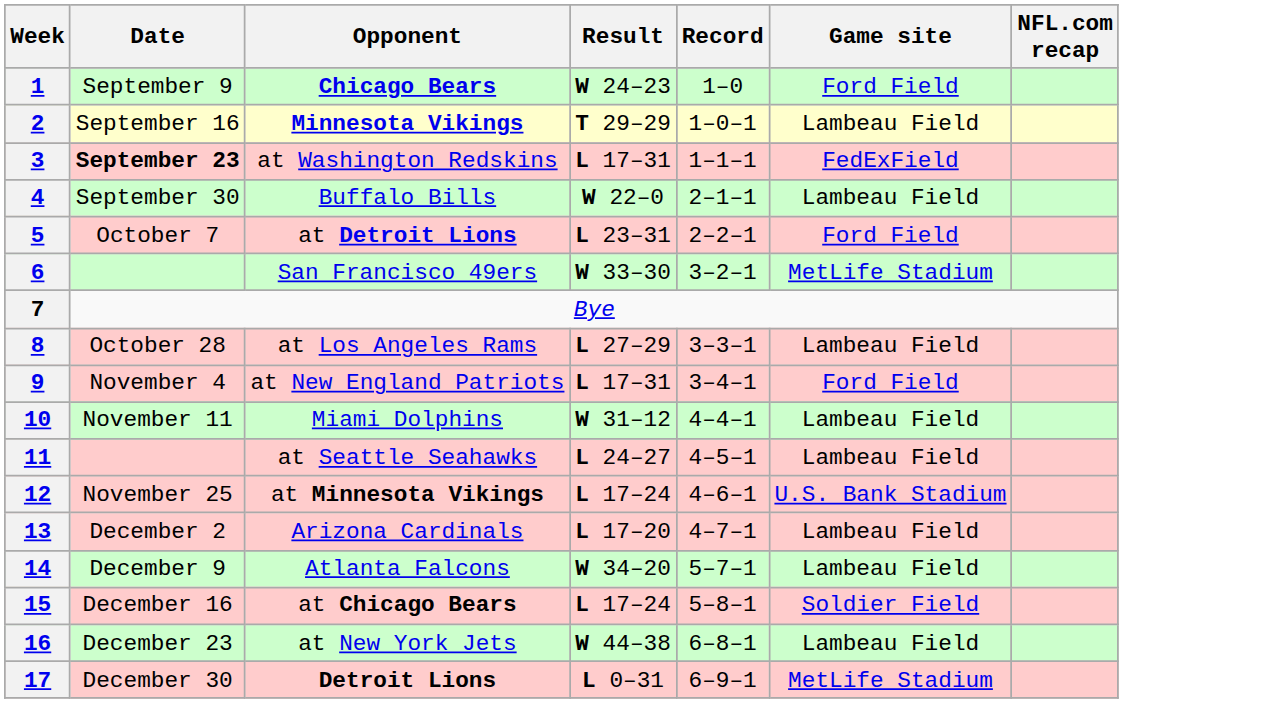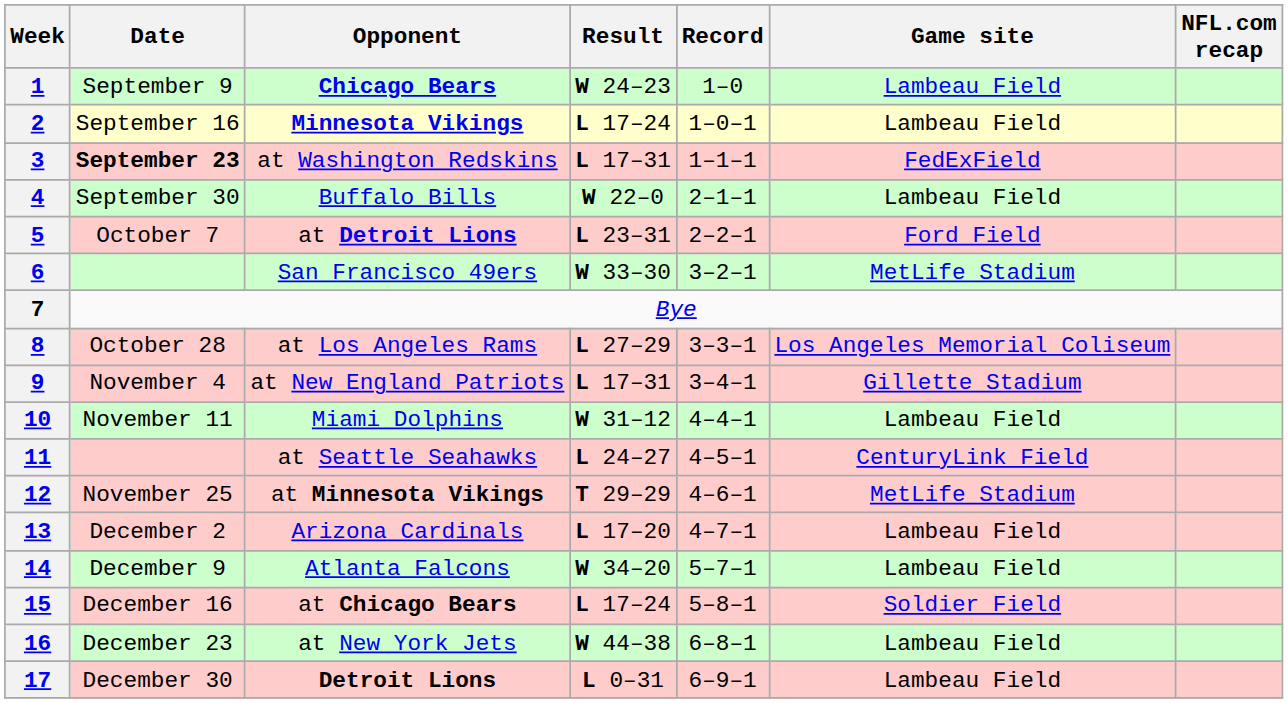 <table class="wikitable" style="text-align:center">
 <tr>
 <th>Week</th>
 <th>Date</th>
 <th>Opponent</th>
 <th>Result</th>
 <th>Record</th>
 <th>Game site</th>
 <th>NFL.com<br>recap</th>
 </tr>
 <tr bgcolor=ccffcc>
 <th><a href='#'>1</a></th>
 <td>September 9</td>
 <td><a href='#'><strong>Chicago Bears</strong></a></td>
 <td><strong>W</strong> 24–23</td>
 <td>1–0</td>
-<td><a href='#'>Ford Field</a></td>
+<td><a href='#'>Lambeau Field</a></td>
 <td></td>
 </tr>
 <tr bgcolor=ffffcc>
 <th><a href='#'>2</a></th>
 <td>September 16</td>
 <td><a href='#'><strong>Minnesota Vikings</strong></a></td>
-<td><strong>T</strong> 29–29 </td>
+<td><strong>L</strong> 17–24</td>
 <td>1–0–1</td>
 <td>Lambeau Field</td>
 <td></td>
 </tr>
 <tr bgcolor=ffcccc>
 <th><a href='#'>3</a></th>
 <td><strong>September 23</strong></td>
 <td>at <a href='#'>Washington Redskins</a></td>
 <td><strong>L</strong> 17–31</td>
 <td>1–1–1</td>
 <td><a href='#'>FedExField</a></td>
 <td></td>
 </tr>
 <tr bgcolor=ccffcc>
 <th><a href='#'>4</a></th>
 <td>September 30</td>
 <td><a href='#'>Buffalo Bills</a></td>
 <td><strong>W</strong> 22–0</td>
 <td>2–1–1</td>
 <td>Lambeau Field</td>
 <td></td>
 </tr>
 <tr bgcolor=ffcccc>
 <th><a href='#'>5</a></th>
 <td>October 7</td>
 <td>at <a href='#'><strong>Detroit Lions</strong></a></td>
 <td><strong>L</strong> 23–31</td>
 <td>2–2–1</td>
 <td><a href='#'>Ford Field</a></td>
 <td></td>
 </tr>
 <tr bgcolor=ccffcc>
 <th><a href='#'>6</a></th>
 <td></td>
 <td><a href='#'>San Francisco 49ers</a></td>
 <td><strong>W</strong> 33–30</td>
 <td>3–2–1</td>
 <td><a href='#'>MetLife Stadium</a></td>
 <td></td>
 </tr>
 <tr>
 <th>7</th>
 <td colspan=6><em><a href='#'>Bye</a></em></td>
 </tr>
 <tr bgcolor=ffcccc>
 <th><a href='#'>8</a></th>
 <td>October 28</td>
 <td>at <a href='#'>Los Angeles Rams</a></td>
 <td><strong>L</strong> 27–29</td>
 <td>3–3–1</td>
-<td>Lambeau Field</td>
+<td><a href='#'>Los Angeles Memorial Coliseum</a></td>
 <td></td>
 </tr>
 <tr bgcolor=ffcccc>
 <th><a href='#'>9</a></th>
 <td>November 4</td>
 <td>at <a href='#'>New England Patriots</a></td>
 <td><strong>L</strong> 17–31</td>
 <td>3–4–1</td>
-<td><a href='#'>Ford Field</a></td>
+<td><a href='#'>Gillette Stadium</a></td>
 <td></td>
 </tr>
 <tr bgcolor=ccffcc>
 <th><a href='#'>10</a></th>
 <td>November 11</td>
 <td><a href='#'>Miami Dolphins</a></td>
 <td><strong>W</strong> 31–12</td>
 <td>4–4–1</td>
 <td>Lambeau Field</td>
 <td></td>
 </tr>
 <tr bgcolor=ffcccc>
 <th><a href='#'>11</a></th>
 <td></td>
 <td>at <a href='#'>Seattle Seahawks</a></td>
 <td><strong>L</strong> 24–27</td>
 <td>4–5–1</td>
-<td>Lambeau Field</td>
+<td><a href='#'>CenturyLink Field</a></td>
 <td></td>
 </tr>
 <tr bgcolor=ffcccc>
 <th><a href='#'>12</a></th>
 <td>November 25</td>
 <td>at <strong>Minnesota Vikings</strong></td>
-<td><strong>L</strong> 17–24</td>
+<td><strong>T</strong> 29–29 </td>
 <td>4–6–1</td>
-<td><a href='#'>U.S. Bank Stadium</a></td>
+<td><a href='#'>MetLife Stadium</a></td>
 <td></td>
 </tr>
 <tr bgcolor=ffcccc>
 <th><a href='#'>13</a></th>
 <td>December 2</td>
 <td><a href='#'>Arizona Cardinals</a></td>
 <td><strong>L</strong> 17–20</td>
 <td>4–7–1</td>
 <td>Lambeau Field</td>
 <td></td>
 </tr>
 <tr bgcolor=ccffcc>
 <th><a href='#'>14</a></th>
 <td>December 9</td>
 <td><a href='#'>Atlanta Falcons</a></td>
 <td><strong>W</strong> 34–20</td>
 <td>5–7–1</td>
 <td>Lambeau Field</td>
 <td></td>
 </tr>
 <tr bgcolor=ffcccc>
 <th><a href='#'>15</a></th>
 <td>December 16</td>
 <td>at <strong>Chicago Bears</strong></td>
 <td><strong>L</strong> 17–24</td>
 <td>5–8–1</td>
 <td><a href='#'>Soldier Field</a></td>
 <td></td>
 </tr>
 <tr bgcolor=ccffcc>
 <th><a href='#'>16</a></th>
 <td>December 23</td>
 <td>at <a href='#'>New York Jets</a></td>
 <td><strong>W</strong> 44–38 </td>
 <td>6–8–1</td>
 <td>Lambeau Field</td>
 <td></td>
 </tr>
 <tr bgcolor=ffcccc>
 <th><a href='#'>17</a></th>
 <td>December 30</td>
 <td><strong>Detroit Lions</strong></td>
 <td><strong>L</strong> 0–31</td>
 <td>6–9–1</td>
-<td><a href='#'>MetLife Stadium</a></td>
+<td>Lambeau Field</td>
 <td></td>
 </tr>
 </table>
